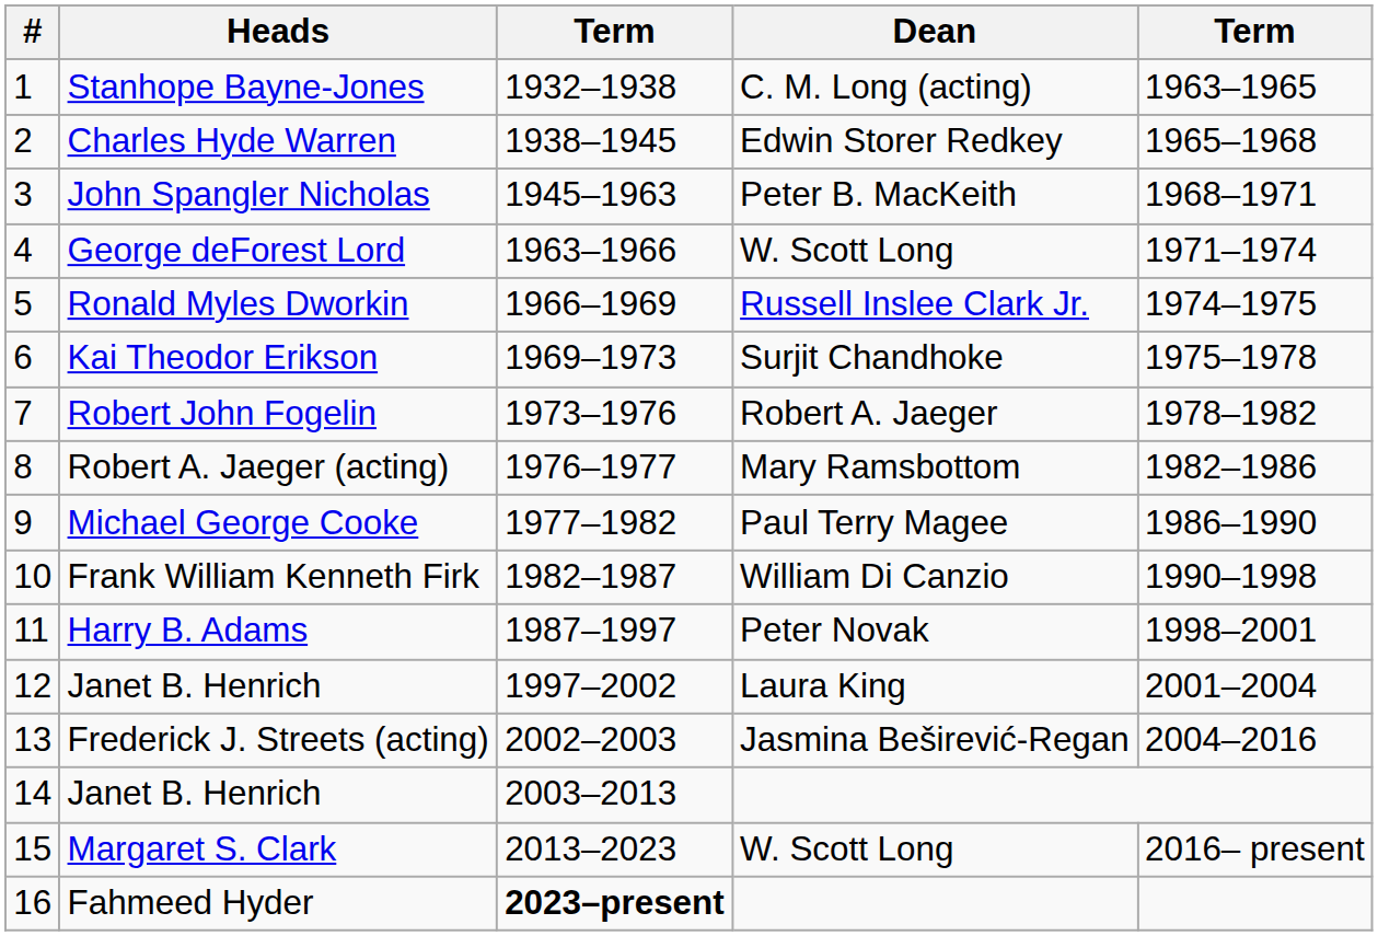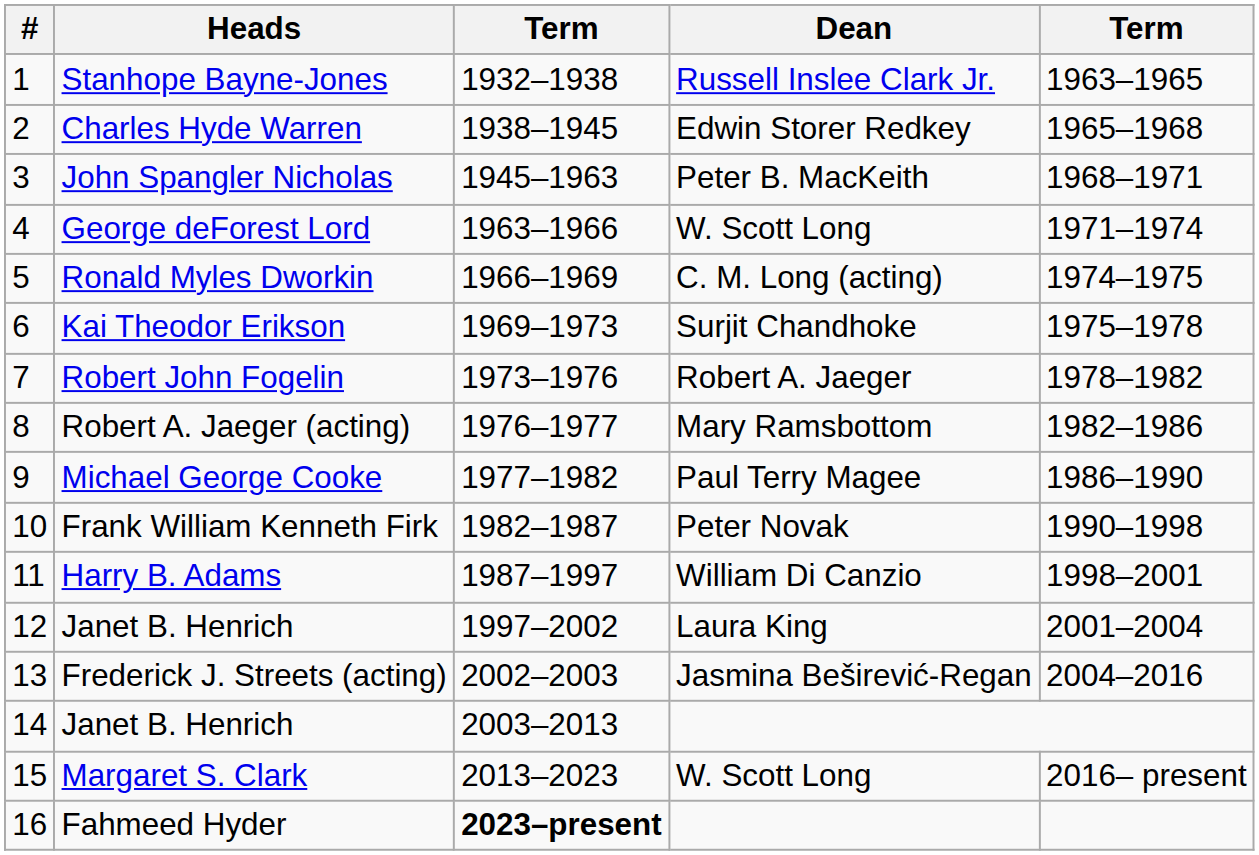 <table class="wikitable">
 <tr>
 <th>#</th>
 <th>Heads</th>
 <th>Term</th>
 <th>Dean</th>
 <th>Term</th>
 </tr>
 <tr>
 <td>1</td>
 <td><a href='#'>Stanhope Bayne-Jones</a></td>
 <td>1932–1938</td>
-<td>C. M. Long (acting)</td>
+<td><a href='#'>Russell Inslee Clark Jr.</a></td>
 <td>1963–1965</td>
 </tr>
 <tr>
 <td>2</td>
 <td><a href='#'>Charles Hyde Warren</a></td>
 <td>1938–1945</td>
 <td>Edwin Storer Redkey</td>
 <td>1965–1968</td>
 </tr>
 <tr>
 <td>3</td>
 <td><a href='#'>John Spangler Nicholas</a></td>
 <td>1945–1963</td>
 <td>Peter B. MacKeith</td>
 <td>1968–1971</td>
 </tr>
 <tr>
 <td>4</td>
 <td><a href='#'>George deForest Lord</a></td>
 <td>1963–1966</td>
 <td>W. Scott Long</td>
 <td>1971–1974</td>
 </tr>
 <tr>
 <td>5</td>
 <td><a href='#'>Ronald Myles Dworkin</a></td>
 <td>1966–1969</td>
-<td><a href='#'>Russell Inslee Clark Jr.</a></td>
+<td>C. M. Long (acting)</td>
 <td>1974–1975</td>
 </tr>
 <tr>
 <td>6</td>
 <td><a href='#'>Kai Theodor Erikson</a></td>
 <td>1969–1973</td>
 <td>Surjit Chandhoke</td>
 <td>1975–1978</td>
 </tr>
 <tr>
 <td>7</td>
 <td><a href='#'>Robert John Fogelin</a></td>
 <td>1973–1976</td>
 <td>Robert A. Jaeger</td>
 <td>1978–1982</td>
 </tr>
 <tr>
 <td>8</td>
 <td>Robert A. Jaeger (acting)</td>
 <td>1976–1977</td>
 <td>Mary Ramsbottom</td>
 <td>1982–1986</td>
 </tr>
 <tr>
 <td>9</td>
 <td><a href='#'>Michael George Cooke</a></td>
 <td>1977–1982</td>
 <td>Paul Terry Magee</td>
 <td>1986–1990</td>
 </tr>
 <tr>
 <td>10</td>
 <td>Frank William Kenneth Firk</td>
 <td>1982–1987</td>
-<td>William Di Canzio</td>
+<td>Peter Novak</td>
 <td>1990–1998</td>
 </tr>
 <tr>
 <td>11</td>
 <td><a href='#'>Harry B. Adams</a></td>
 <td>1987–1997</td>
-<td>Peter Novak</td>
+<td>William Di Canzio</td>
 <td>1998–2001</td>
 </tr>
 <tr>
 <td>12</td>
 <td>Janet B. Henrich</td>
 <td>1997–2002</td>
 <td>Laura King</td>
 <td>2001–2004</td>
 </tr>
 <tr>
 <td>13</td>
 <td>Frederick J. Streets (acting)</td>
 <td>2002–2003</td>
 <td>Jasmina Beširević-Regan</td>
 <td>2004–2016</td>
 </tr>
 <tr>
 <td>14</td>
 <td>Janet B. Henrich</td>
 <td>2003–2013</td>
 </tr>
 <tr>
 <td>15</td>
 <td><a href='#'>Margaret S. Clark</a></td>
 <td>2013–2023</td>
 <td>W. Scott Long</td>
 <td>2016– present</td>
 </tr>
 <tr>
 <td>16</td>
 <td>Fahmeed Hyder</td>
 <td><strong>2023–present</strong></td>
 <td></td>
 </tr>
 </table>
